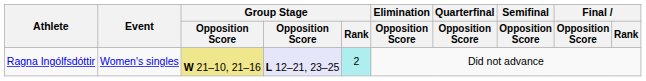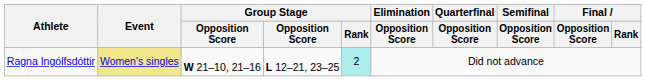 <table class="wikitable" style="text-align:left; font-size:90%">
 <tr>
 <th rowspan=2>Athlete</th>
 <th rowspan=2>Event</th>
 <th colspan=3>Group Stage</th>
 <th>Elimination</th>
 <th>Quarterfinal</th>
 <th>Semifinal</th>
 <th colspan=2>Final / </th>
 </tr>
 <tr style="font-size:95%">
 <th>Opposition<br>Score</th>
 <th>Opposition<br>Score</th>
 <th>Rank</th>
 <th>Opposition<br>Score</th>
 <th>Opposition<br>Score</th>
 <th>Opposition<br>Score</th>
 <th>Opposition<br>Score</th>
 <th>Rank</th>
 </tr>
 <tr align=center>
 <td align=left><a href='#'>Ragna Ingólfsdóttir</a></td>
-<td align=left><a href='#'>Women's singles</a></td>
-<td style="background: khaki;"><br><strong>W</strong> 21–10, 21–16</td>
-<td style="background: lavender;"><br><strong>L</strong> 12–21, 23–25</td>
+<td align=left style="background: khaki;"><a href='#'>Women's singles</a></td>
+<td><br><strong>W</strong> 21–10, 21–16</td>
+<td><br><strong>L</strong> 12–21, 23–25</td>
 <td style="background: paleturquoise;">2</td>
 <td colspan=5>Did not advance</td>
 </tr>
 </table>
